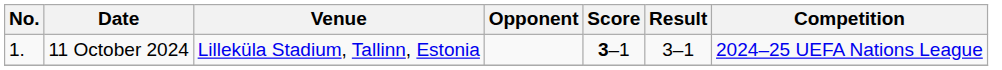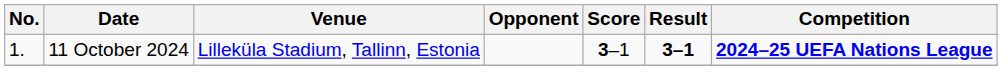 <table class="wikitable">
 <tr>
 <th>No.</th>
 <th>Date</th>
 <th>Venue</th>
 <th>Opponent</th>
 <th>Score</th>
 <th>Result</th>
 <th>Competition</th>
 </tr>
 <tr>
 <td>1.</td>
 <td>11 October 2024</td>
 <td><a href='#'>Lilleküla Stadium</a>, <a href='#'>Tallinn</a>, <a href='#'>Estonia</a></td>
 <td></td>
 <td align=center><strong>3</strong>–1</td>
-<td align=center>3–1</td>
-<td><a href='#'>2024–25 UEFA Nations League</a></td>
+<td align=center><strong>3–1</strong></td>
+<td><strong><a href='#'>2024–25 UEFA Nations League</a></strong></td>
 </tr>
 <tr>
 </tr>
 </table>
